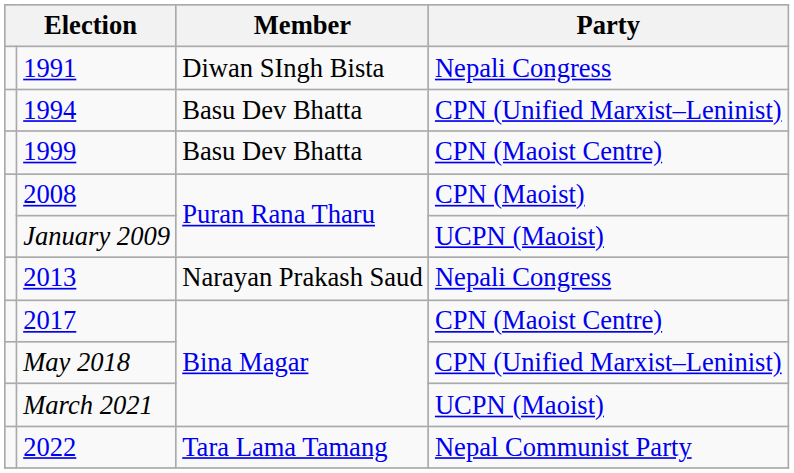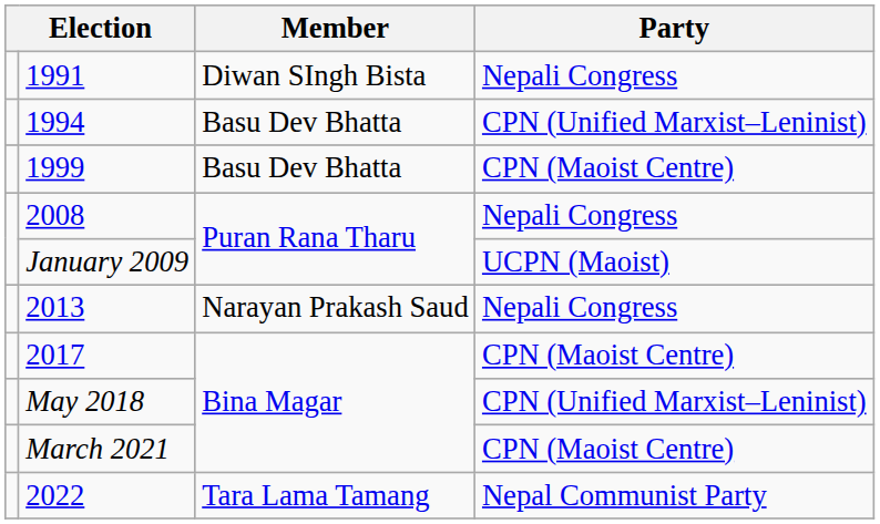 <table class="wikitable">
 <tr>
 <th colspan="2">Election</th>
 <th>Member</th>
 <th>Party</th>
 </tr>
 <tr>
 <td style="background-color:"></td>
 <td><a href='#'>1991</a></td>
 <td>Diwan SIngh Bista</td>
 <td><a href='#'>Nepali Congress</a></td>
 </tr>
 <tr>
 <td style="background-color:"></td>
 <td><a href='#'>1994</a></td>
 <td>Basu Dev Bhatta</td>
 <td><a href='#'>CPN (Unified Marxist–Leninist)</a></td>
 </tr>
 <tr>
 <td style="background-color:"></td>
 <td><a href='#'>1999</a></td>
 <td>Basu Dev Bhatta</td>
 <td><a href='#'>CPN (Maoist Centre)</a></td>
 </tr>
 <tr>
 <td rowspan="2" style="background-color:"></td>
 <td><a href='#'>2008</a></td>
 <td rowspan="2"><a href='#'>Puran Rana Tharu</a></td>
-<td><a href='#'>CPN (Maoist)</a></td>
+<td><a href='#'>Nepali Congress</a></td>
 </tr>
 <tr>
 <td><em>January 2009</em></td>
 <td><a href='#'>UCPN (Maoist)</a></td>
 </tr>
 <tr>
 <td style="background-color:"></td>
 <td><a href='#'>2013</a></td>
 <td>Narayan Prakash Saud</td>
 <td><a href='#'>Nepali Congress</a></td>
 </tr>
 <tr>
 <td style="background-color:"></td>
 <td><a href='#'>2017</a></td>
 <td rowspan="3"><a href='#'>Bina Magar</a></td>
 <td><a href='#'>CPN (Maoist Centre)</a></td>
 </tr>
 <tr>
 <td style="background-color:"></td>
 <td><em>May 2018</em></td>
 <td><a href='#'>CPN (Unified Marxist–Leninist)</a></td>
 </tr>
 <tr>
 <td></td>
 <td><em>March 2021</em></td>
-<td><a href='#'>UCPN (Maoist)</a></td>
+<td><a href='#'>CPN (Maoist Centre)</a></td>
 </tr>
 <tr>
 <td style="background-color:"></td>
 <td><a href='#'>2022</a></td>
 <td><a href='#'>Tara Lama Tamang</a></td>
 <td><a href='#'>Nepal Communist Party</a></td>
 </tr>
 </table>
